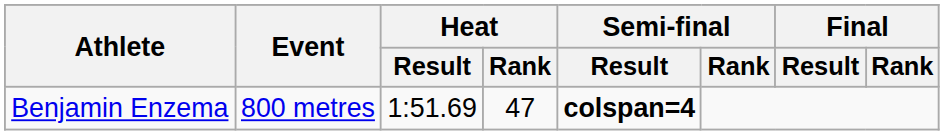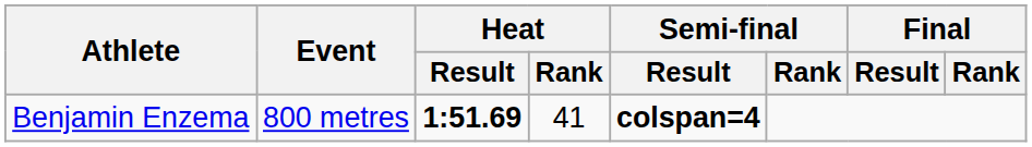 <table class="wikitable" style="font-size:90%">
 <tr>
 <th rowspan="2">Athlete</th>
 <th rowspan="2">Event</th>
 <th colspan="2">Heat</th>
 <th colspan="2">Semi-final</th>
 <th colspan="2">Final</th>
 </tr>
 <tr style="font-size:95%">
 <th>Result</th>
 <th>Rank</th>
 <th>Result</th>
 <th>Rank</th>
 <th>Result</th>
 <th>Rank</th>
 </tr>
 <tr style=text-align:center>
 <td style=text-align:left><a href='#'>Benjamin Enzema</a></td>
 <td style=text-align:left><a href='#'>800 metres</a></td>
-<td>1:51.69 </td>
-<td>47</td>
+<td><strong>1:51.69 </strong></td>
+<td>41</td>
 <td><strong>colspan=4</strong></td>
 </tr>
 </table>
